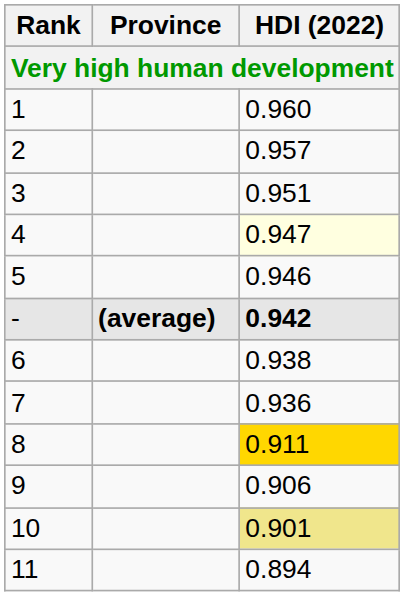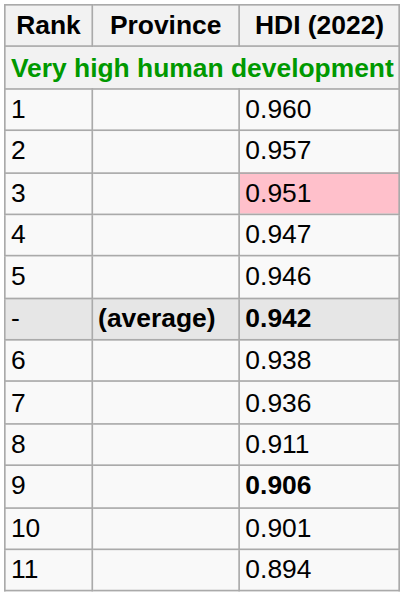 <table class="wikitable sortable">
 <tr>
 <th>Rank</th>
 <th>Province</th>
 <th>HDI (2022)</th>
 </tr>
 <tr>
 <th colspan="3" style="color:#090;">Very high human development</th>
 </tr>
 <tr>
 <td>1</td>
 <td></td>
 <td>0.960</td>
 </tr>
 <tr>
 <td>2</td>
 <td></td>
 <td>0.957</td>
 </tr>
 <tr>
 <td>3</td>
 <td></td>
-<td>0.951</td>
+<td style="background: pink;">0.951</td>
 </tr>
 <tr>
 <td>4</td>
 <td></td>
-<td style="background: lightyellow;">0.947</td>
+<td>0.947</td>
 </tr>
 <tr>
 <td>5</td>
 <td></td>
 <td>0.946</td>
 </tr>
 <tr style="background:#e6e6e6">
 <td>-</td>
 <td><strong> </strong> <strong>(average)</strong></td>
 <td><strong>0.942</strong></td>
 </tr>
 <tr>
 <td>6</td>
 <td></td>
 <td>0.938</td>
 </tr>
 <tr>
 <td>7</td>
 <td></td>
 <td>0.936</td>
 </tr>
 <tr>
 <td>8</td>
 <td></td>
-<td style="background: gold;">0.911</td>
+<td>0.911</td>
 </tr>
 <tr>
 <td>9</td>
 <td></td>
-<td>0.906</td>
+<td><strong>0.906</strong></td>
 </tr>
 <tr>
 <td>10</td>
 <td></td>
-<td style="background: khaki;">0.901</td>
+<td>0.901</td>
 </tr>
 <tr>
 <td>11</td>
 <td></td>
 <td>0.894</td>
 </tr>
 </table>
